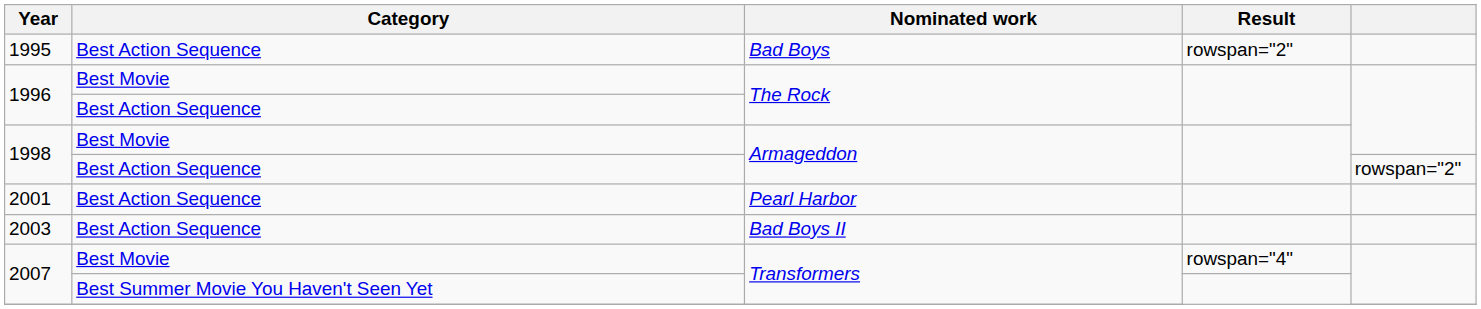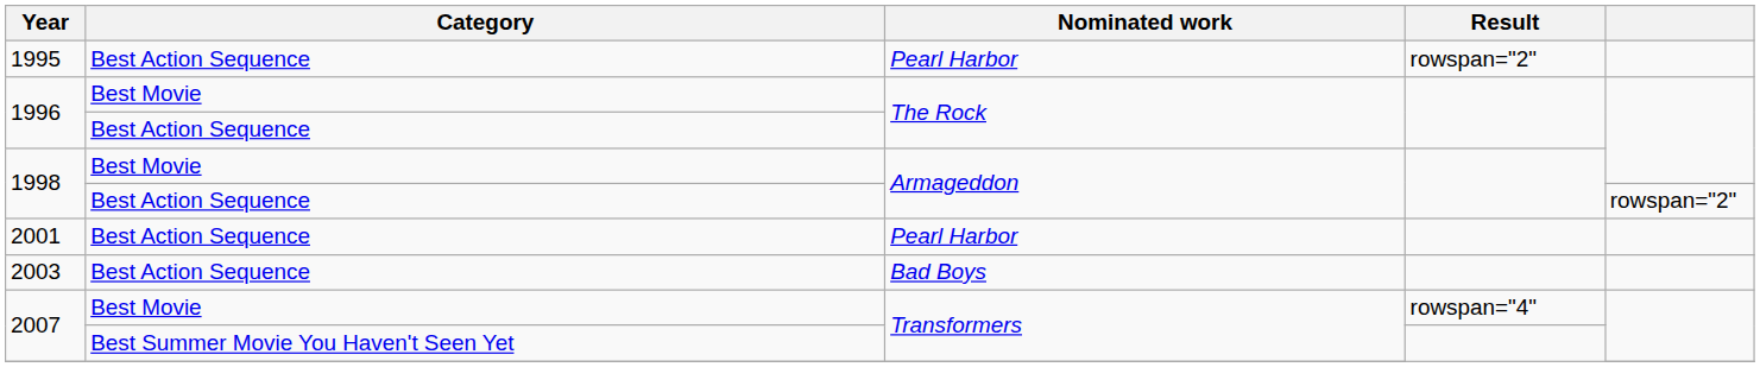 <table class=wikitable>
 <tr>
 <th width=4%>Year</th>
 <th width=40%>Category</th>
 <th width=26%>Nominated work</th>
 <th width=10%>Result</th>
 <th width=5%></th>
 </tr>
 <tr>
 <td>1995</td>
 <td><a href='#'>Best Action Sequence</a></td>
-<td><em><a href='#'>Bad Boys</a></em></td>
+<td><em><a href='#'>Pearl Harbor</a></em></td>
 <td>rowspan="2" </td>
 <td></td>
 </tr>
 <tr>
 <td rowspan="2">1996</td>
 <td><a href='#'>Best Movie</a></td>
 <td rowspan="2"><em><a href='#'>The Rock</a></em></td>
 <td rowspan="2"></td>
 </tr>
 <tr>
 <td><a href='#'>Best Action Sequence</a></td>
 </tr>
 <tr>
 <td rowspan="2">1998</td>
 <td><a href='#'>Best Movie</a></td>
 <td rowspan="2"><em><a href='#'>Armageddon</a></em></td>
 <td rowspan="2"></td>
 </tr>
 <tr>
 <td><a href='#'>Best Action Sequence</a></td>
 <td>rowspan="2" </td>
 </tr>
 <tr>
 <td>2001</td>
 <td><a href='#'>Best Action Sequence</a></td>
 <td><em><a href='#'>Pearl Harbor</a></em></td>
 <td></td>
 </tr>
 <tr>
 <td>2003</td>
 <td><a href='#'>Best Action Sequence</a></td>
-<td><em><a href='#'>Bad Boys II</a></em></td>
+<td><em><a href='#'>Bad Boys</a></em></td>
 <td></td>
 <td></td>
 </tr>
 <tr>
 <td rowspan="2">2007</td>
 <td><a href='#'>Best Movie</a></td>
 <td rowspan="2"><em><a href='#'>Transformers</a></em></td>
 <td>rowspan="4" </td>
 <td rowspan="2"></td>
 </tr>
 <tr>
 <td><a href='#'>Best Summer Movie You Haven't Seen Yet</a></td>
 </tr>
 <tr>
 </tr>
 </table>
